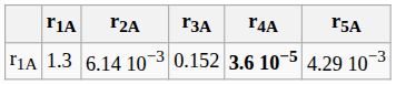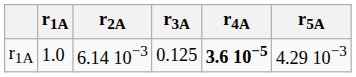 <table class="wikitable" border="1">
 <tr>
 <th></th>
 <th>r<sub>1A</sub></th>
 <th>r<sub>2A</sub></th>
 <th>r<sub>3A</sub></th>
 <th>r<sub>4A</sub></th>
 <th>r<sub>5A</sub></th>
 </tr>
 <tr>
 <td>r<sub>1A</sub></td>
-<td>1.3</td>
+<td>1.0</td>
 <td>6.14 10<sup>−3</sup></td>
-<td>0.152</td>
+<td>0.125</td>
 <td><strong>3.6 10<sup>−5</sup></strong></td>
 <td>4.29 10<sup>−3</sup></td>
 </tr>
 </table>
